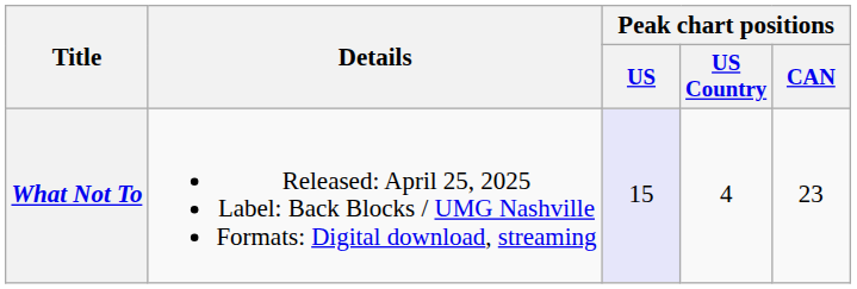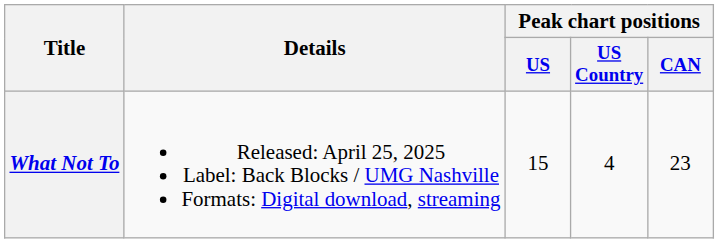 <table class="wikitable plainrowheaders" style="text-align:center">
 <tr>
 <th scope="col" rowspan="2">Title</th>
 <th scope="col" rowspan="2">Details</th>
 <th scope="col" colspan="3">Peak chart positions</th>
 </tr>
 <tr>
 <th scope="col" style="width:3em;font-size:90%;"><a href='#'>US</a><br></th>
 <th scope="col" style="width:3em;font-size:90%;"><a href='#'>US<br>Country</a><br></th>
 <th scope="col" style="width:3em;font-size:90%;"><a href='#'>CAN</a><br></th>
 </tr>
 <tr>
 <th scope="row"><em><a href='#'>What Not To</a></em></th>
 <td><br><ul><li>Released: April 25, 2025</li><li>Label: Back Blocks / <a href='#'>UMG Nashville</a></li><li>Formats: <a href='#'>Digital download</a>, <a href='#'>streaming</a></li></ul></td>
-<td style="background: lavender;">15</td>
+<td>15</td>
 <td>4</td>
 <td>23</td>
 </tr>
 </table>
